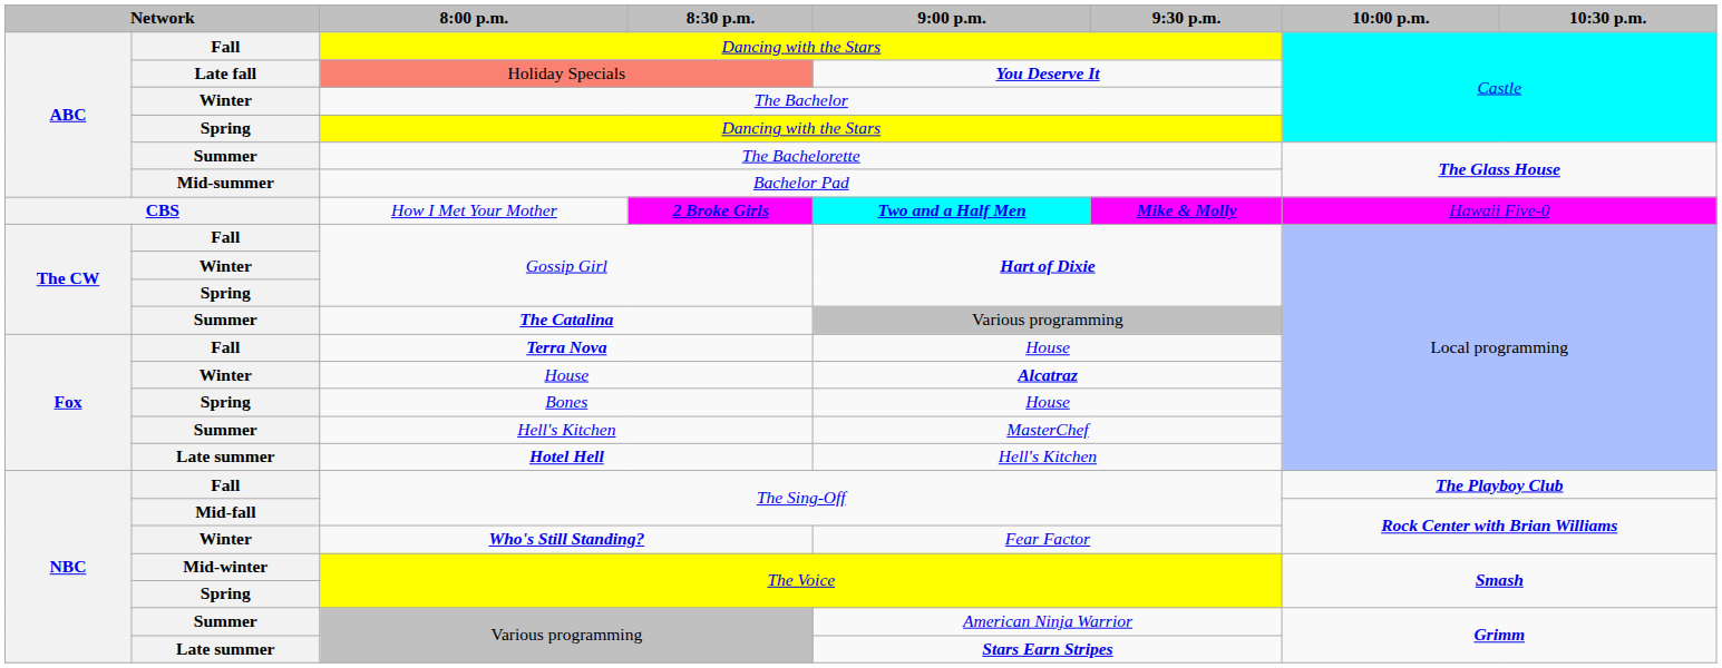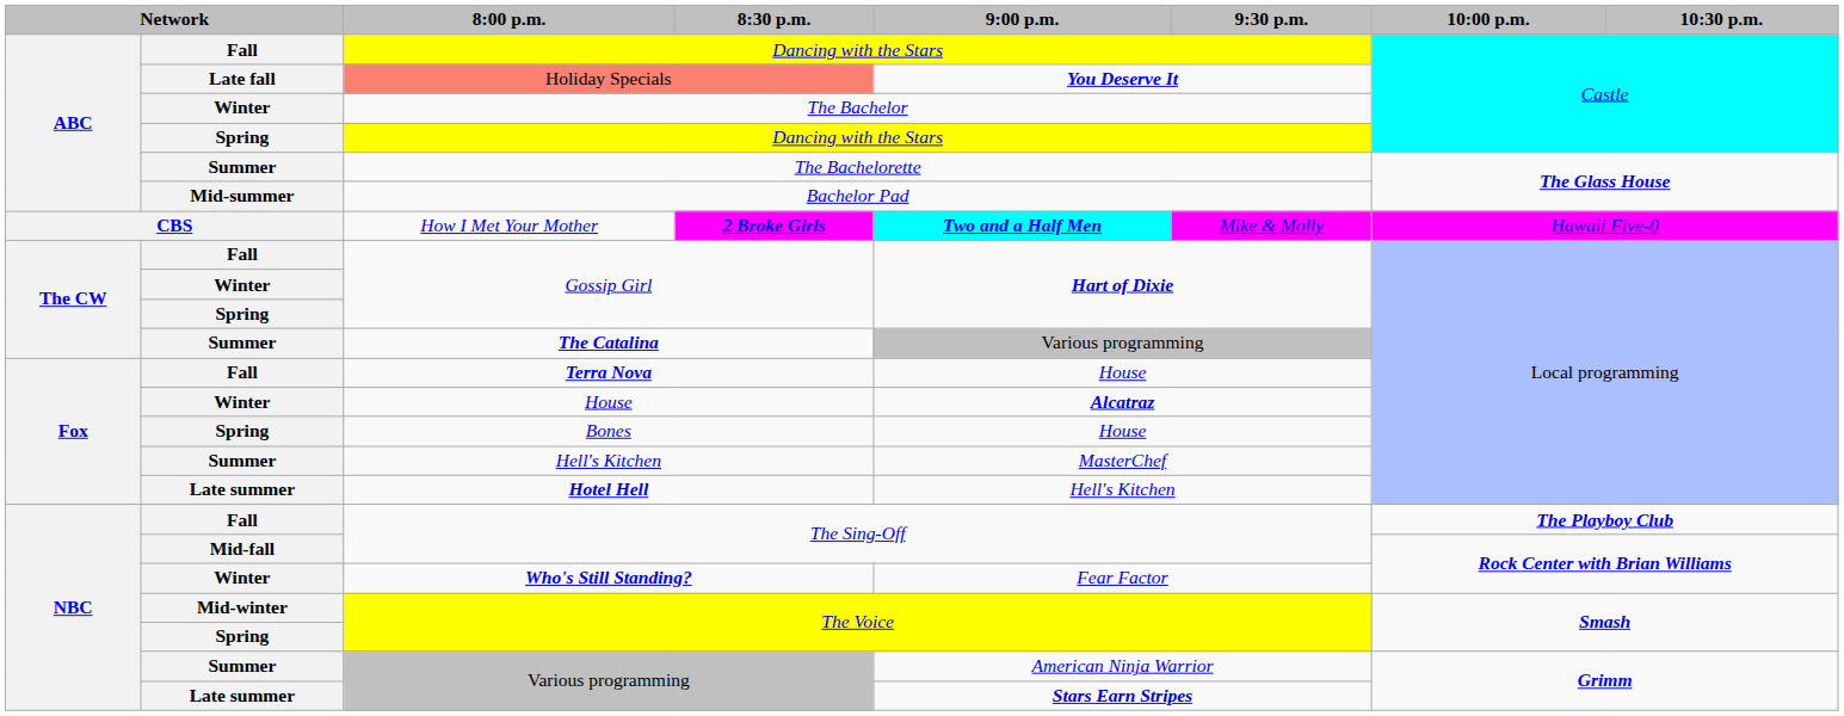 <table class="wikitable" style="width:100%;margin-right:0;text-align:center">
 <tr>
 <th colspan="2" style="background-color:#C0C0C0;text-align:center">Network</th>
 <th style="background-color:#C0C0C0;text-align:center">8:00 p.m.</th>
 <th style="background-color:#C0C0C0;text-align:center">8:30 p.m.</th>
 <th style="background-color:#C0C0C0;text-align:center">9:00 p.m.</th>
 <th style="background-color:#C0C0C0;text-align:center">9:30 p.m.</th>
 <th style="background-color:#C0C0C0;text-align:center">10:00 p.m.</th>
 <th style="background-color:#C0C0C0;text-align:center">10:30 p.m.</th>
 </tr>
 <tr>
 <th rowspan="6"><a href='#'>ABC</a></th>
 <th>Fall</th>
 <td style="background:yellow;" colspan="4"><em><a href='#'>Dancing with the Stars</a></em> </td>
 <td style="background:cyan;" rowspan="4" colspan="2"><em><a href='#'>Castle</a></em> </td>
 </tr>
 <tr>
 <th>Late fall</th>
 <td style="background:#FA8072;" colspan="2">Holiday Specials</td>
 <td colspan="2"><strong><em><a href='#'>You Deserve It</a></em></strong></td>
 </tr>
 <tr>
 <th>Winter</th>
 <td colspan="4"><em><a href='#'>The Bachelor</a></em></td>
 </tr>
 <tr>
 <th>Spring</th>
 <td style="background:yellow;" colspan="4"><em><a href='#'>Dancing with the Stars</a></em> </td>
 </tr>
 <tr>
 <th>Summer</th>
 <td colspan="4"><em><a href='#'>The Bachelorette</a></em></td>
 <td colspan="2" rowspan="2"><strong><em><a href='#'>The Glass House</a></em></strong></td>
 </tr>
 <tr>
 <th>Mid-summer</th>
 <td colspan="4"><em><a href='#'>Bachelor Pad</a></em></td>
 </tr>
 <tr>
 <th colspan="2"><a href='#'>CBS</a></th>
 <td><em><a href='#'>How I Met Your Mother</a></em></td>
 <td style="background:magenta;"><strong><em><a href='#'>2 Broke Girls</a></em></strong> </td>
 <td style="background:cyan;"><strong><em><a href='#'>Two and a Half Men</a></em> </strong></td>
-<td style="background:magenta;"><strong><em><a href='#'>Mike & Molly</a></em> </strong></td>
+<td style="background:magenta;"><em><a href='#'>Mike & Molly</a></em> </td>
 <td style="background:magenta;" colspan="2"><em><a href='#'>Hawaii Five-0</a></em> </td>
 </tr>
 <tr>
 <th rowspan="4"><a href='#'>The CW</a></th>
 <th>Fall</th>
 <td colspan="2" rowspan="3"><em><a href='#'>Gossip Girl</a></em></td>
 <td colspan="2" rowspan="3"><strong><em><a href='#'>Hart of Dixie</a></em></strong></td>
 <td style="background:#abbfff;" colspan="2" rowspan="9">Local programming</td>
 </tr>
 <tr>
 <th>Winter</th>
 </tr>
 <tr>
 <th>Spring</th>
 </tr>
 <tr>
 <th>Summer</th>
 <td colspan="2"><strong><em><a href='#'>The Catalina</a></em></strong></td>
 <td colspan="2" style="background:#C0C0C0;">Various programming</td>
 </tr>
 <tr>
 <th rowspan="5"><a href='#'>Fox</a></th>
 <th>Fall</th>
 <td colspan="2"><strong><em><a href='#'>Terra Nova</a></em></strong></td>
 <td colspan="2"><em><a href='#'>House</a></em></td>
 </tr>
 <tr>
 <th>Winter</th>
 <td colspan="2"><em><a href='#'>House</a></em></td>
 <td colspan="2"><strong><em><a href='#'>Alcatraz</a></em></strong></td>
 </tr>
 <tr>
 <th>Spring</th>
 <td colspan="2"><em><a href='#'>Bones</a></em></td>
 <td colspan="2"><em><a href='#'>House</a></em></td>
 </tr>
 <tr>
 <th>Summer</th>
 <td colspan="2"><em><a href='#'>Hell's Kitchen</a></em></td>
 <td colspan="2"><em><a href='#'>MasterChef</a></em></td>
 </tr>
 <tr>
 <th>Late summer</th>
 <td colspan="2"><strong><em><a href='#'>Hotel Hell</a></em></strong></td>
 <td colspan="2"><em><a href='#'>Hell's Kitchen</a></em></td>
 </tr>
 <tr>
 <th rowspan="7"><a href='#'>NBC</a></th>
 <th>Fall</th>
 <td rowspan="2" colspan="4"><em><a href='#'>The Sing-Off</a></em></td>
 <td colspan="2"><strong><em><a href='#'>The Playboy Club</a></em></strong></td>
 </tr>
 <tr>
 <th>Mid-fall</th>
 <td rowspan="2" colspan="2"><strong><em><a href='#'>Rock Center with Brian Williams</a></em></strong></td>
 </tr>
 <tr>
 <th>Winter</th>
 <td colspan="2"><strong><em><a href='#'>Who's Still Standing?</a></em></strong></td>
 <td colspan="2"><em><a href='#'>Fear Factor</a></em></td>
 </tr>
 <tr>
 <th>Mid-winter</th>
 <td style="background:yellow;" rowspan="2" colspan="4"><em><a href='#'>The Voice</a></em> </td>
 <td rowspan="2" colspan="2"><strong><em><a href='#'>Smash</a></em></strong></td>
 </tr>
 <tr>
 <th>Spring</th>
 </tr>
 <tr>
 <th>Summer</th>
 <td colspan="2" rowspan="2" style="background:#C0C0C0;">Various programming</td>
 <td colspan="2"><em><a href='#'>American Ninja Warrior</a></em></td>
 <td colspan="2" rowspan="2"><strong><em><a href='#'>Grimm</a></em></strong></td>
 </tr>
 <tr>
 <th>Late summer</th>
 <td colspan="2"><strong><em><a href='#'>Stars Earn Stripes</a></em></strong></td>
 </tr>
 </table>
